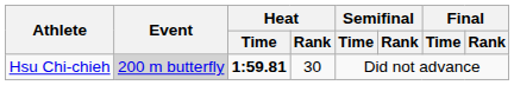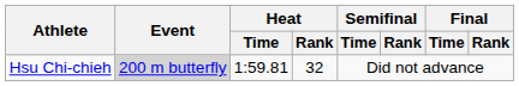 <table class=wikitable style="font-size:90%">
 <tr>
 <th rowspan="2">Athlete</th>
 <th rowspan="2">Event</th>
 <th colspan="2">Heat</th>
 <th colspan="2">Semifinal</th>
 <th colspan="2">Final</th>
 </tr>
 <tr style="font-size:95%">
 <th>Time</th>
 <th>Rank</th>
 <th>Time</th>
 <th>Rank</th>
 <th>Time</th>
 <th>Rank</th>
 </tr>
 <tr align=center>
 <td align=left><a href='#'>Hsu Chi-chieh</a></td>
 <td align=left style="background: lightgrey;"><a href='#'>200 m butterfly</a></td>
-<td><strong>1:59.81</strong></td>
-<td>30</td>
+<td>1:59.81</td>
+<td>32</td>
 <td colspan=4>Did not advance</td>
 </tr>
 </table>
